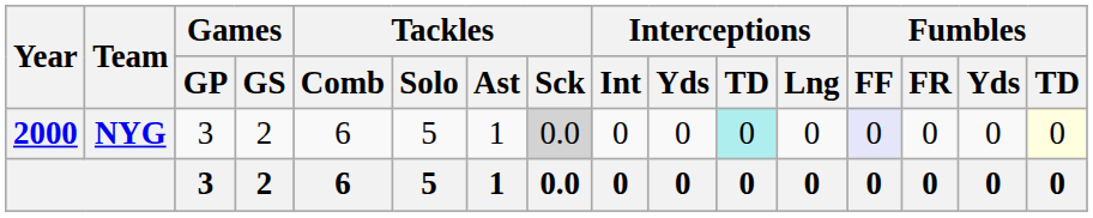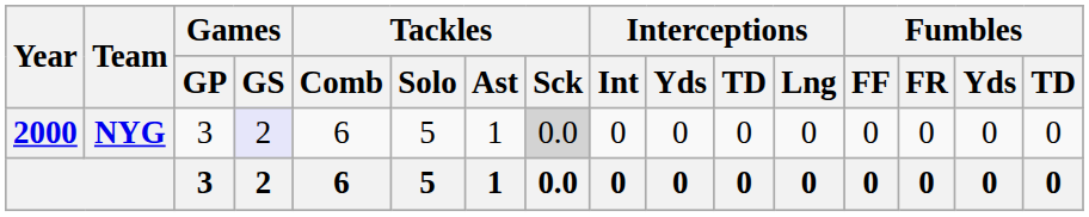 <table class="wikitable" style="text-align:center">
 <tr>
 <th rowspan="2">Year</th>
 <th rowspan="2">Team</th>
 <th colspan="2">Games</th>
 <th colspan="4">Tackles</th>
 <th colspan="4">Interceptions</th>
 <th colspan="4">Fumbles</th>
 </tr>
 <tr>
 <th>GP</th>
 <th>GS</th>
 <th>Comb</th>
 <th>Solo</th>
 <th>Ast</th>
 <th>Sck</th>
 <th>Int</th>
 <th>Yds</th>
 <th>TD</th>
 <th>Lng</th>
 <th>FF</th>
 <th>FR</th>
 <th>Yds</th>
 <th>TD</th>
 </tr>
 <tr>
 <th><a href='#'>2000</a></th>
 <th><a href='#'>NYG</a></th>
 <td>3</td>
-<td>2</td>
+<td style="background: lavender;">2</td>
 <td>6</td>
 <td>5</td>
 <td>1</td>
 <td style="background: lightgrey;">0.0</td>
 <td>0</td>
 <td>0</td>
-<td style="background: paleturquoise;">0</td>
-<td>0</td>
-<td style="background: lavender;">0</td>
 <td>0</td>
 <td>0</td>
-<td style="background: lightyellow;">0</td>
+<td>0</td>
+<td>0</td>
+<td>0</td>
+<td>0</td>
 </tr>
 <tr>
 <th colspan="2"></th>
 <th>3</th>
 <th>2</th>
 <th>6</th>
 <th>5</th>
 <th>1</th>
 <th>0.0</th>
 <th>0</th>
 <th>0</th>
 <th>0</th>
 <th>0</th>
 <th>0</th>
 <th>0</th>
 <th>0</th>
 <th>0</th>
 </tr>
 </table>
